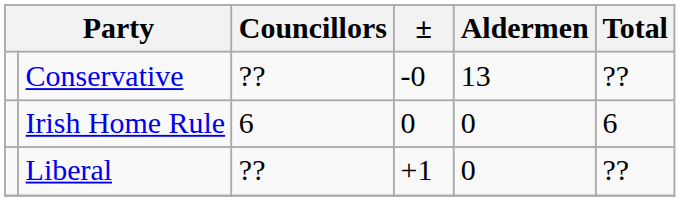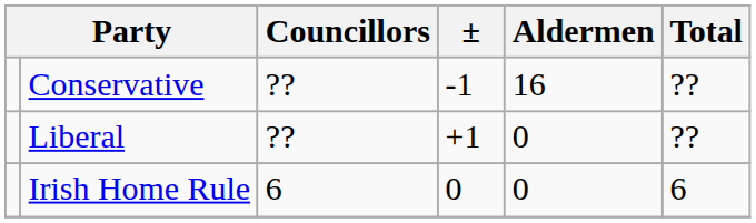 <table class="wikitable">
 <tr>
 <th colspan="2">Party</th>
 <th>Councillors</th>
 <th>  ±  </th>
 <th>Aldermen</th>
 <th>Total</th>
 </tr>
 <tr>
 <td style="background-color: "></td>
 <td><a href='#'>Conservative</a></td>
 <td>??</td>
-<td>-0</td>
-<td>13</td>
+<td>-1</td>
+<td>16</td>
+<td>??</td>
+</tr>
+<tr>
+<td style="background-color: "></td>
+<td><a href='#'>Liberal</a></td>
+<td>??</td>
+<td>+1</td>
+<td>0</td>
 <td>??</td>
 </tr>
 <tr>
 <td style="background-color: "></td>
 <td><a href='#'>Irish Home Rule</a></td>
 <td>6</td>
 <td>0</td>
 <td>0</td>
 <td>6</td>
 </tr>
 <tr>
-<td style="background-color: "></td>
-<td><a href='#'>Liberal</a></td>
-<td>??</td>
-<td>+1</td>
-<td>0</td>
-<td>??</td>
-</tr>
-<tr>
 </tr>
 </table>
